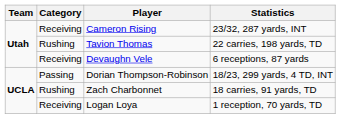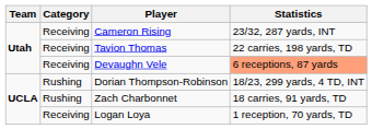 <table class="wikitable" style="float: right;">
 <tr>
 <th>Team</th>
 <th>Category</th>
 <th>Player</th>
 <th>Statistics</th>
 </tr>
 <tr>
 <td rowspan=3><strong>Utah</strong></td>
 <td>Receiving</td>
 <td><a href='#'>Cameron Rising</a></td>
 <td>23/32, 287 yards, INT</td>
 </tr>
 <tr>
-<td>Rushing</td>
+<td>Receiving</td>
 <td><a href='#'>Tavion Thomas</a></td>
 <td>22 carries, 198 yards, TD</td>
 </tr>
 <tr>
 <td>Receiving</td>
 <td><a href='#'>Devaughn Vele</a></td>
-<td>6 receptions, 87 yards</td>
+<td style="background: lightsalmon;">6 receptions, 87 yards</td>
 </tr>
 <tr>
 <td rowspan=3><strong>UCLA</strong></td>
-<td>Passing</td>
+<td>Rushing</td>
 <td>Dorian Thompson-Robinson</td>
 <td>18/23, 299 yards, 4 TD, INT</td>
 </tr>
 <tr>
 <td>Rushing</td>
 <td>Zach Charbonnet</td>
 <td>18 carries, 91 yards, TD</td>
 </tr>
 <tr>
 <td>Receiving</td>
 <td>Logan Loya</td>
 <td>1 reception, 70 yards, TD</td>
 </tr>
 </table>
